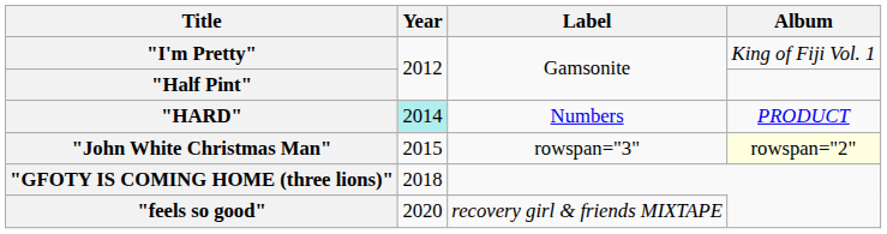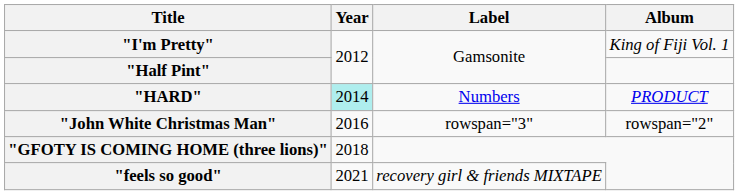 <table class="wikitable plainrowheaders" style="text-align:center">
 <tr>
 <th scope="col">Title</th>
 <th scope="col">Year</th>
 <th scope="col">Label</th>
 <th scope="col">Album</th>
 </tr>
 <tr>
 <th scope="row">"I'm Pretty" </th>
 <td rowspan="2">2012</td>
 <td rowspan="2">Gamsonite</td>
 <td><em>King of Fiji Vol. 1</em></td>
 </tr>
 <tr>
 <th scope="row">"Half Pint" </th>
 <td></td>
 </tr>
 <tr>
 <th scope="row">"HARD" </th>
 <td style="background: paleturquoise;">2014</td>
 <td><a href='#'>Numbers</a></td>
 <td><em><a href='#'>PRODUCT</a></em></td>
 </tr>
 <tr>
 <th scope="row">"John White Christmas Man"</th>
-<td>2015</td>
+<td>2016</td>
 <td>rowspan="3" </td>
-<td style="background: lightyellow;">rowspan="2" </td>
+<td>rowspan="2" </td>
 </tr>
 <tr>
 <th scope="row">"GFOTY IS COMING HOME (three lions)"</th>
 <td>2018</td>
 </tr>
 <tr>
 <th scope="row">"feels so good" </th>
-<td>2020</td>
+<td>2021</td>
 <td><em>recovery girl & friends MIXTAPE</em></td>
 </tr>
 </table>
